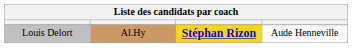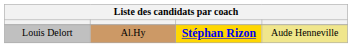 <table class="wikitable" style="margin:0.5em auto">
 <tr>
 <th colspan=4 style="width:95%;">Liste des candidats par coach</th>
 </tr>
 <tr>
 <th style="width:23%;" scope="col"></th>
 <th style="width:23%;" scope="col"></th>
 <th style="width:23%;" scope="col"></th>
 <th style="width:23%;" scope="col"></th>
 </tr>
 <tr>
 </tr>
 <tr align="center" valign="top">
 <td style="text-align:center;background:silver">Louis Delort<br></td>
 <td style="text-align:center;background:#c96">Al.Hy<br></td>
 <td style="text-align:center;background:gold"><strong><big><a href='#'>Stéphan Rizon</a></big></strong><br></td>
-<td style="text-align:center;">Aude Henneville<br></td>
+<td style="background: khaki; text-align:center;">Aude Henneville<br></td>
 </tr>
 </table>
